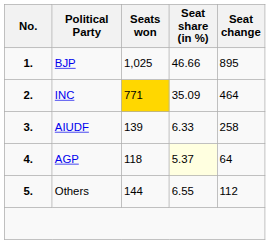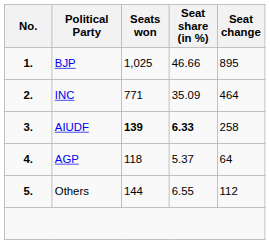 <table class="wikitable">
 <tr style="height: 50px;">
 <th scope="col" style="width:60px;">No.<br></th>
 <th scope="col" style="width:90px;">Political Party</th>
 <th scope="col" style="width:60px;">Seats won</th>
 <th scope="col" style="width:60px;">Seat share (in %)</th>
 <th scope="col" style="width:60px;">Seat change</th>
 </tr>
 <tr style="height: 45px;">
 <td ! style="text-align:center; background:"><strong>1.</strong></td>
 <td><a href='#'>BJP</a></td>
 <td>1,025</td>
 <td>46.66</td>
 <td>895</td>
 </tr>
 <tr style="height: 45px;">
 <td ! style="text-align:center; background:"><strong>2.</strong></td>
 <td><a href='#'>INC</a></td>
-<td style="background: gold;">771</td>
+<td>771</td>
 <td>35.09</td>
 <td>464</td>
 </tr>
 <tr style="height: 45px;">
 <td ! style="text-align:center; background:"><strong>3.</strong></td>
 <td><a href='#'>AIUDF</a></td>
-<td>139</td>
-<td>6.33</td>
+<td><strong>139</strong></td>
+<td><strong>6.33</strong></td>
 <td>258</td>
 </tr>
 <tr style="height: 45px;">
 <td ! style="text-align:center; background:"><strong>4.</strong></td>
 <td><a href='#'>AGP</a></td>
 <td>118</td>
-<td style="background: lightyellow;">5.37</td>
+<td>5.37</td>
 <td>64</td>
 </tr>
 <tr style="height: 45px;">
 <td ! style="text-align:center; background:"><strong>5.</strong></td>
 <td>Others</td>
 <td>144</td>
 <td>6.55</td>
 <td>112</td>
 </tr>
 <tr style="height: 45px;">
 </tr>
 </table>
